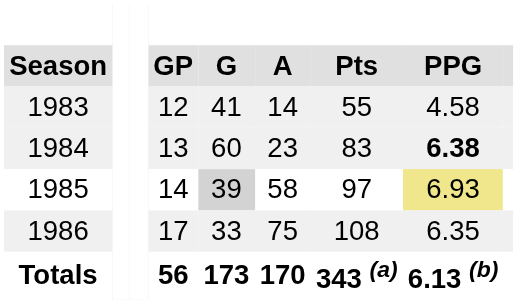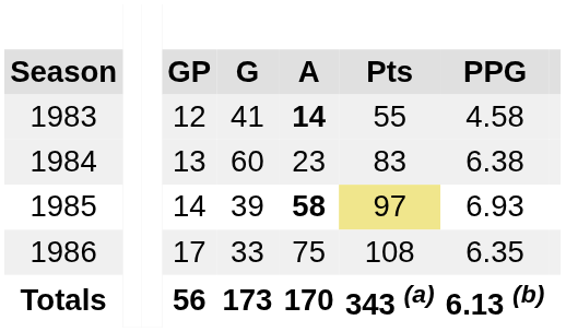 <table BORDER="0" CELLPADDING="3" CELLSPACING="0">
 <tr ALIGN="center" bgcolor="#e0e0e0">
 <th colspan="1" bgcolor="#ffffff"> </th>
 <th rowspan="99" bgcolor="#ffffff"> </th>
 <th rowspan="99" bgcolor="#ffffff"> </th>
 </tr>
 <tr ALIGN="center" bgcolor="#e0e0e0">
 <th>Season</th>
 <th>GP</th>
 <th>G</th>
 <th>A</th>
 <th>Pts</th>
 <th>PPG</th>
 <th></th>
 </tr>
 <tr ALIGN="center" bgcolor="#f0f0f0">
 <td>1983</td>
 <td>12</td>
 <td>41</td>
-<td>14</td>
+<td><strong>14</strong></td>
 <td>55</td>
 <td>4.58</td>
 <td></td>
 </tr>
 <tr ALIGN="center">
 </tr>
 <tr ALIGN="center" bgcolor="#f0f0f0">
 <td>1984</td>
 <td>13</td>
 <td>60</td>
 <td>23</td>
 <td>83</td>
-<td><strong>6.38</strong></td>
+<td>6.38</td>
 <td></td>
 </tr>
 <tr ALIGN="center">
 <td>1985</td>
 <td>14</td>
-<td style="background: lightgrey;">39</td>
-<td>58</td>
-<td>97</td>
-<td style="background: khaki;">6.93</td>
+<td>39</td>
+<td><strong>58</strong></td>
+<td style="background: khaki;">97</td>
+<td>6.93</td>
 <td></td>
 </tr>
 <tr ALIGN="center" bgcolor="#f0f0f0">
 <td>1986</td>
 <td>17</td>
 <td>33</td>
 <td>75</td>
 <td>108</td>
 <td>6.35</td>
 <td></td>
 </tr>
 <tr ALIGN="center" bgcolor="#f0f0f0">
 </tr>
 <tr ALIGN="center">
 <th colspan="1.5">Totals</th>
 <th>56</th>
 <th>173</th>
 <th>170</th>
 <th>343  <sup><strong><em>(a)</em></strong></sup></th>
 <th>6.13 <sup><strong><em>(b)</em></strong></sup></th>
 <th></th>
 </tr>
 </table>
